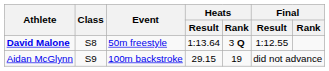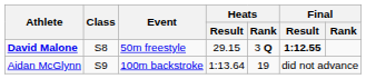 <table class=wikitable style="font-size:90%">
 <tr>
 <th rowspan="2">Athlete</th>
 <th rowspan="2">Class</th>
 <th rowspan="2">Event</th>
 <th colspan="2">Heats</th>
 <th colspan="2">Final</th>
 </tr>
 <tr>
 <th>Result</th>
 <th>Rank</th>
 <th>Result</th>
 <th>Rank</th>
 </tr>
 <tr>
 <td><strong><a href='#'>David Malone</a></strong></td>
 <td style="text-align:center;">S8</td>
 <td><a href='#'>50m freestyle</a></td>
-<td style="text-align:center;">1:13.64</td>
+<td style="text-align:center;">29.15</td>
 <td style="text-align:center;">3 <strong>Q</strong></td>
-<td style="text-align:center;">1:12.55</td>
+<td style="text-align:center;"><strong>1:12.55</strong></td>
 <td style="text-align:center;"></td>
 </tr>
 <tr>
 <td><a href='#'>Aidan McGlynn</a></td>
 <td style="text-align:center;">S9</td>
 <td><a href='#'>100m backstroke</a></td>
-<td style="text-align:center;">29.15</td>
+<td style="text-align:center;">1:13.64</td>
 <td style="text-align:center;">19</td>
 <td style="text-align:center;" colspan="2">did not advance</td>
 </tr>
 </table>
